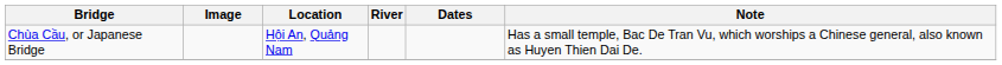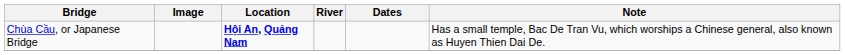 <table class="wikitable sortable">
 <tr>
 <th width = 18%>Bridge</th>
 <th width = 8% class="unsortable">Image</th>
 <th>Location</th>
 <th>River</th>
 <th width = 10%>Dates</th>
 <th class="unsortable">Note</th>
 </tr>
 <tr>
 <td><a href='#'>Chùa Cầu</a>, or Japanese Bridge</td>
 <td></td>
-<td><a href='#'>Hội An</a>, <a href='#'>Quảng Nam</a><br><small></small></td>
+<td><strong><a href='#'>Hội An</a>, <a href='#'>Quảng Nam</a><br><small></small></strong></td>
 <td></td>
 <td></td>
 <td>Has a small temple, Bac De Tran Vu, which worships a Chinese general, also known as Huyen Thien Dai De.</td>
 </tr>
 <tr>
 </tr>
 </table>
